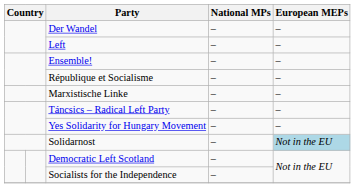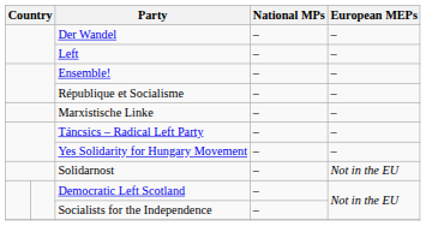 <table class="wikitable sortable">
 <tr>
 <th colspan=2>Country</th>
 <th>Party</th>
 <th>National MPs</th>
 <th>European MEPs</th>
 </tr>
 <tr>
 <td rowspan=2 colspan=2></td>
 <td><a href='#'>Der Wandel</a></td>
 <td>–</td>
 <td>–</td>
 </tr>
 <tr>
 <td><a href='#'>Left</a></td>
 <td>–</td>
 <td>–</td>
 </tr>
 <tr>
 <td colspan="2" rowspan="2"></td>
 <td><a href='#'>Ensemble!</a></td>
 <td>–</td>
 <td>–</td>
 </tr>
 <tr>
 <td>République et Socialisme</td>
 <td>–</td>
 <td>–</td>
 </tr>
 <tr>
 <td colspan=2></td>
 <td>Marxistische Linke</td>
 <td>–</td>
 <td>–</td>
 </tr>
 <tr>
 <td colspan=2 rowspan=2></td>
 <td><a href='#'>Táncsics – Radical Left Party</a></td>
 <td>–</td>
 <td>–</td>
 </tr>
 <tr>
 <td><a href='#'>Yes Solidarity for Hungary Movement</a></td>
 <td>–</td>
 <td>–</td>
 </tr>
 <tr>
 <td colspan=2></td>
 <td>Solidarnost</td>
 <td>–</td>
-<td style="background: lightblue;"><em>Not in the EU</em></td>
+<td><em>Not in the EU</em></td>
 </tr>
 <tr>
 <td rowspan=2></td>
 <td rowspan=2></td>
 <td><a href='#'>Democratic Left Scotland</a></td>
 <td>–</td>
 <td rowspan=2><em>Not in the EU</em></td>
 </tr>
 <tr>
 <td>Socialists for the Independence</td>
 <td>–</td>
 </tr>
 <tr>
 </tr>
 </table>
